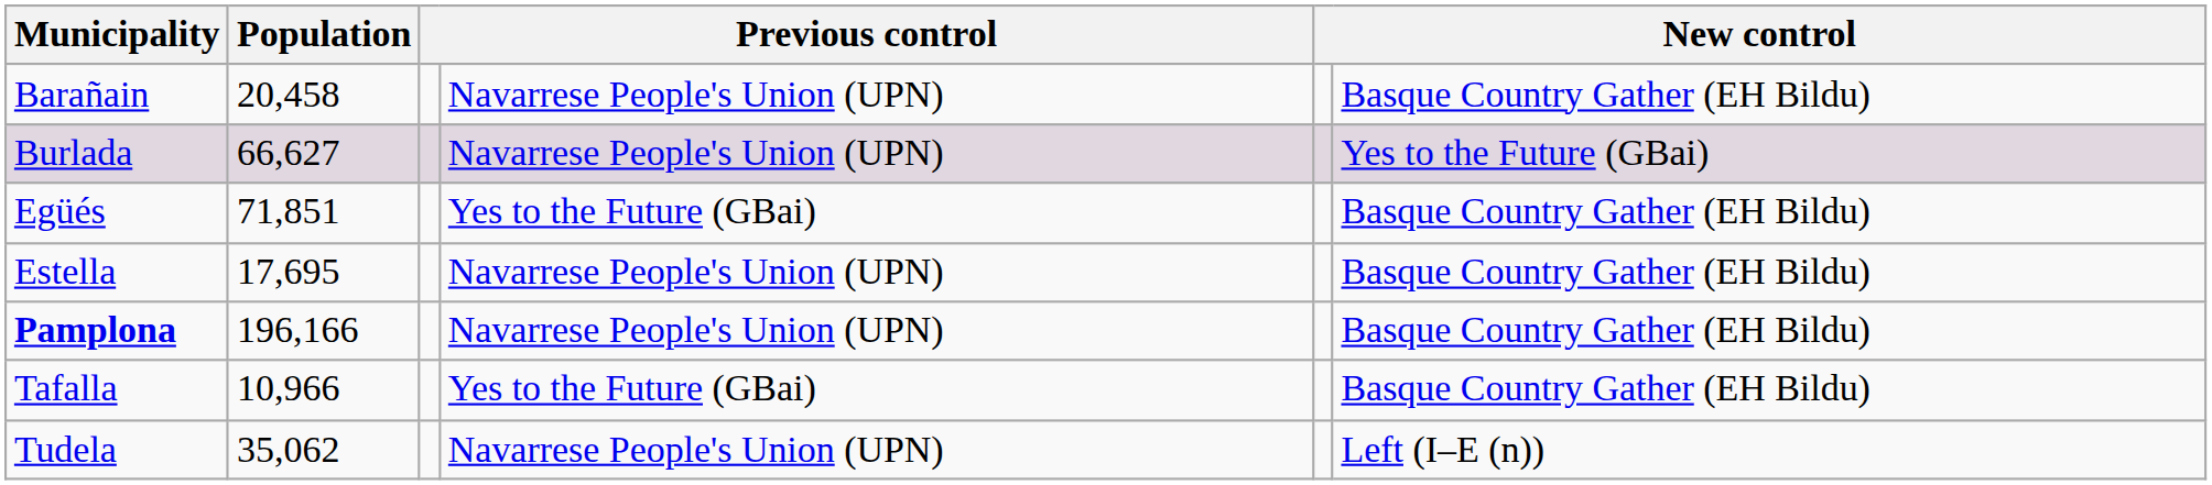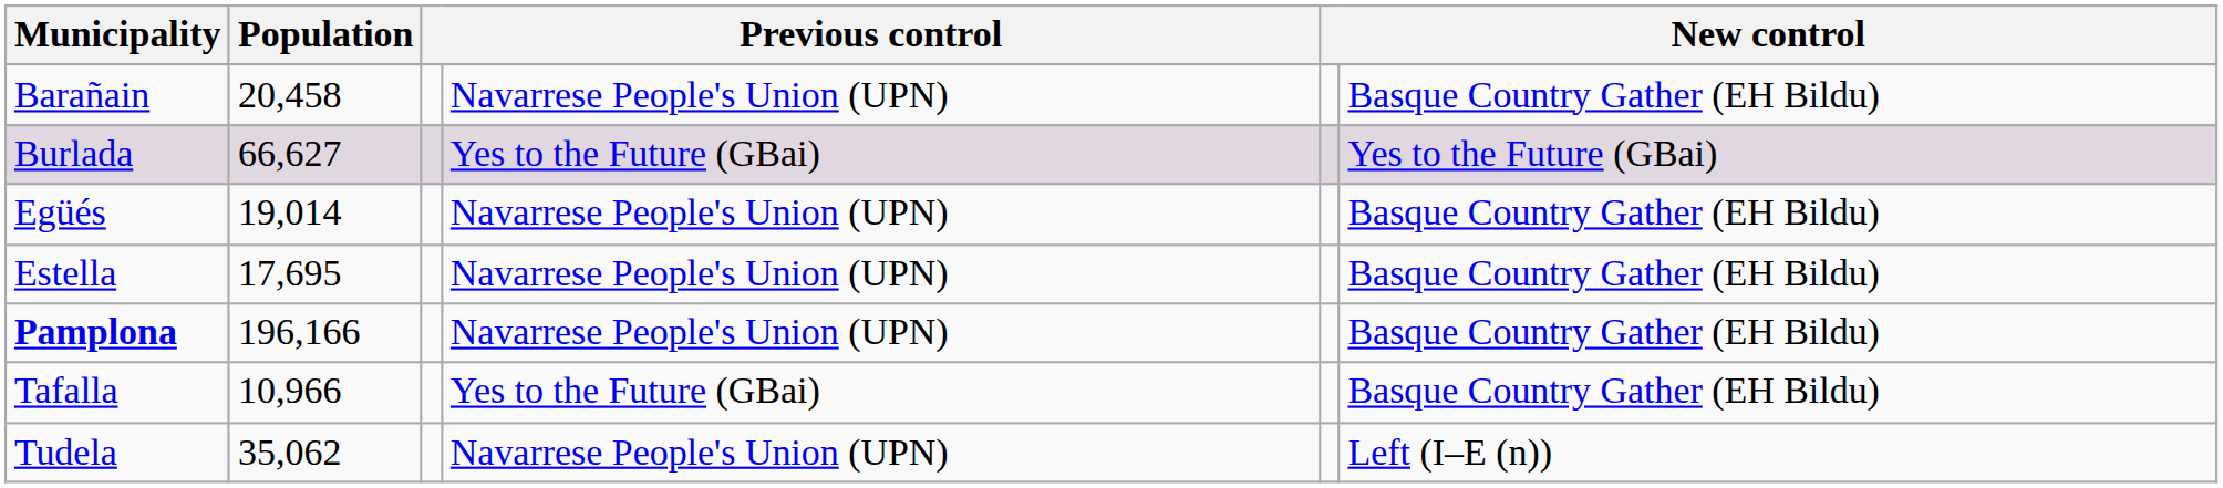 <table class="wikitable sortable">
 <tr>
 <th>Municipality</th>
 <th>Population</th>
 <th colspan="2" style="width:375px;">Previous control</th>
 <th colspan="2" style="width:375px;">New control</th>
 </tr>
 <tr>
 <td><a href='#'>Barañain</a></td>
 <td>20,458</td>
 <td width="1" style="color:inherit;background:"></td>
 <td><a href='#'>Navarrese People's Union</a> (UPN)</td>
 <td width="1" style="color:inherit;background:"></td>
 <td><a href='#'>Basque Country Gather</a> (EH Bildu)</td>
 </tr>
 <tr bgcolor="#E0D7E1">
 <td><a href='#'>Burlada</a></td>
 <td>66,627</td>
 <td style="color:inherit;background:"></td>
-<td><a href='#'>Navarrese People's Union</a> (UPN)</td>
+<td><a href='#'>Yes to the Future</a> (GBai)</td>
 <td style="color:inherit;background:"></td>
 <td><a href='#'>Yes to the Future</a> (GBai)</td>
 </tr>
 <tr>
 <td><a href='#'>Egüés</a></td>
-<td>71,851</td>
+<td>19,014</td>
 <td style="color:inherit;background:"></td>
-<td><a href='#'>Yes to the Future</a> (GBai)</td>
+<td><a href='#'>Navarrese People's Union</a> (UPN)</td>
 <td style="color:inherit;background:"></td>
 <td><a href='#'>Basque Country Gather</a> (EH Bildu)</td>
 </tr>
 <tr>
 <td><a href='#'>Estella</a></td>
 <td>17,695</td>
 <td style="color:inherit;background:"></td>
 <td><a href='#'>Navarrese People's Union</a> (UPN)</td>
 <td style="color:inherit;background:"></td>
 <td><a href='#'>Basque Country Gather</a> (EH Bildu)</td>
 </tr>
 <tr>
 <td><strong><a href='#'>Pamplona</a></strong></td>
 <td>196,166</td>
 <td style="color:inherit;background:"></td>
 <td><a href='#'>Navarrese People's Union</a> (UPN)</td>
 <td style="color:inherit;background:"></td>
 <td><a href='#'>Basque Country Gather</a> (EH Bildu)</td>
 </tr>
 <tr>
 <td><a href='#'>Tafalla</a></td>
 <td>10,966</td>
 <td style="color:inherit;background:"></td>
 <td><a href='#'>Yes to the Future</a> (GBai)</td>
 <td style="color:inherit;background:"></td>
 <td><a href='#'>Basque Country Gather</a> (EH Bildu)</td>
 </tr>
 <tr>
 <td><a href='#'>Tudela</a></td>
 <td>35,062</td>
 <td style="color:inherit;background:"></td>
 <td><a href='#'>Navarrese People's Union</a> (UPN)</td>
 <td style="color:inherit;background:"></td>
 <td><a href='#'>Left</a> (I–E (n))</td>
 </tr>
 </table>
